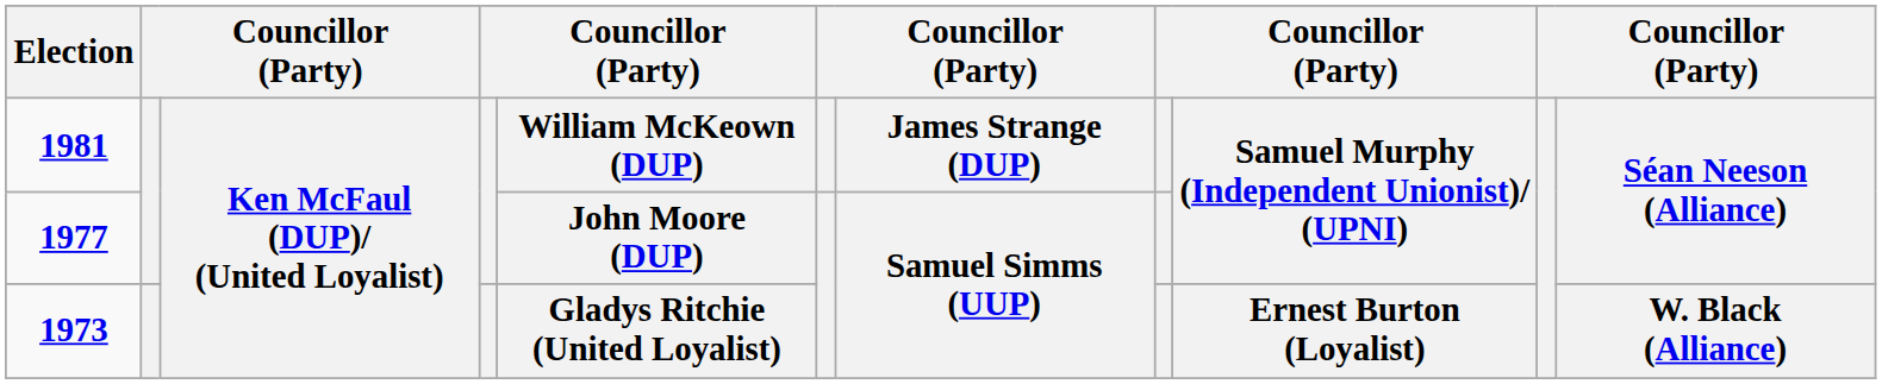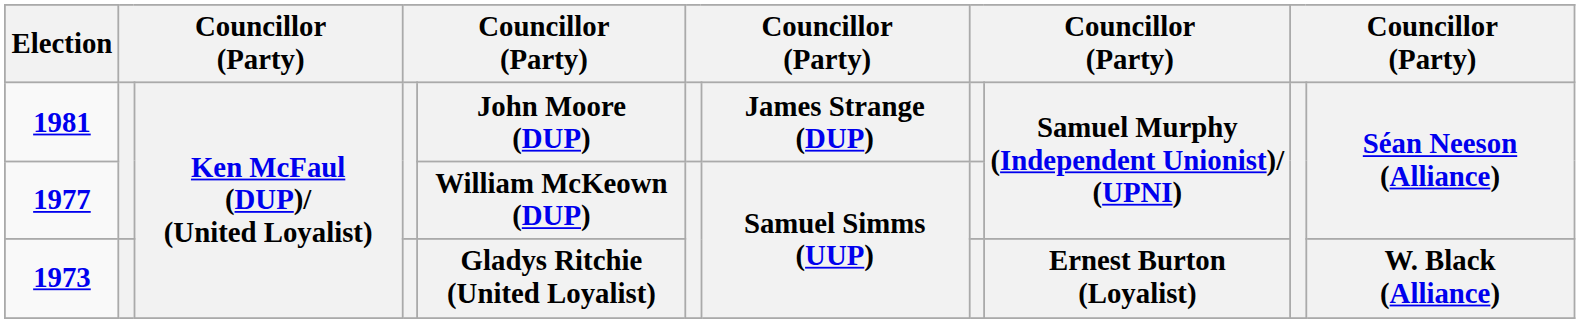 <table class="wikitable" style="text-align:center">
 <tr>
 <th scope="col" width="50">Election</th>
 <th scope="col" width="150" colspan = "2">Councillor<br> (Party)</th>
 <th scope="col" width="150" colspan = "2">Councillor<br> (Party)</th>
 <th scope="col" width="150" colspan = "2">Councillor<br> (Party)</th>
 <th scope="col" width="150" colspan = "2">Councillor<br> (Party)</th>
 <th scope="col" width="150" colspan = "2">Councillor<br> (Party)</th>
 </tr>
 <tr>
 <td><strong><a href='#'>1981</a></strong></td>
 <th rowspan="2" width="1" style="background-color: "></th>
 <th rowspan = "3"><a href='#'>Ken McFaul</a> <br> (<a href='#'>DUP</a>)/ <br> (United Loyalist)</th>
 <th rowspan="2" width="1" style="background-color: "></th>
-<th rowspan = "1">William McKeown <br> (<a href='#'>DUP</a>)</th>
+<th rowspan = "1">John Moore <br> (<a href='#'>DUP</a>)</th>
 <th rowspan="1" width="1" style="background-color: "></th>
 <th rowspan = "1">James Strange <br> (<a href='#'>DUP</a>)</th>
 <th rowspan="1" width="1" style="background-color: "></th>
 <th rowspan = "2">Samuel Murphy <br> (<a href='#'>Independent Unionist</a>)/ <br> (<a href='#'>UPNI</a>)</th>
 <th rowspan="3" width="1" style="background-color: "></th>
 <th rowspan = "2"><a href='#'>Séan Neeson</a> <br> (<a href='#'>Alliance</a>)</th>
 </tr>
 <tr>
 <td><strong><a href='#'>1977</a></strong></td>
-<th rowspan = "1">John Moore <br> (<a href='#'>DUP</a>)</th>
+<th rowspan = "1">William McKeown <br> (<a href='#'>DUP</a>)</th>
 <th rowspan="2" width="1" style="background-color: "></th>
 <th rowspan = "2">Samuel Simms <br> (<a href='#'>UUP</a>)</th>
 <th rowspan="1" width="1" style="background-color: "></th>
 </tr>
 <tr>
 <td><strong><a href='#'>1973</a></strong></td>
 <th rowspan="1" width="1" style="background-color: "></th>
 <th rowspan="1" width="1" style="background-color: "></th>
 <th rowspan = "1">Gladys Ritchie <br> (United Loyalist)</th>
 <th rowspan="1" width="1" style="background-color: "></th>
 <th rowspan = "1">Ernest Burton <br> (Loyalist)</th>
 <th rowspan = "1">W. Black <br> (<a href='#'>Alliance</a>)</th>
 </tr>
 </table>
